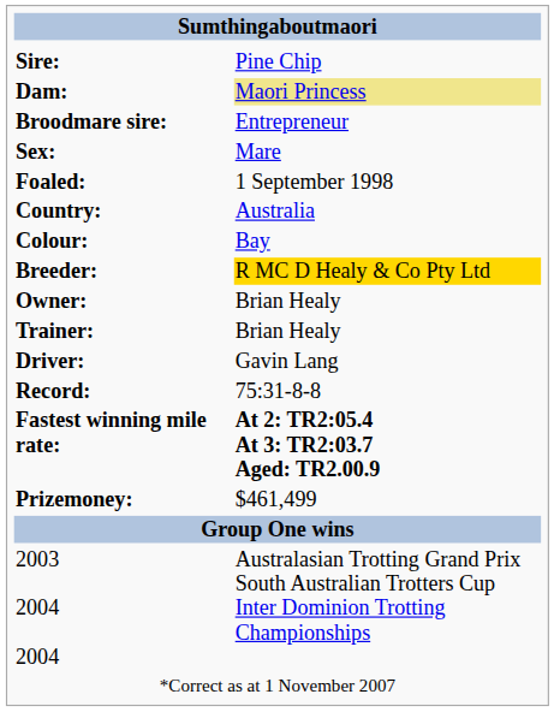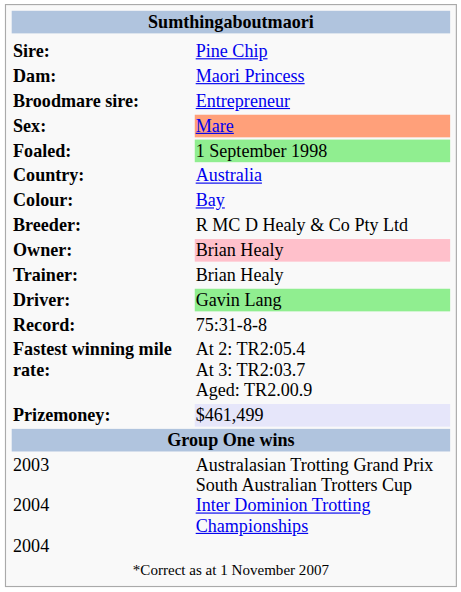 <table class="infobox" style="width:25em;">
 <tr style="text-align:center;">
 <th colspan="2" bgcolor="#b0c4de">Sumthingaboutmaori</th>
 </tr>
 <tr>
 <td colspan="2" style="text-align:center;"></td>
 </tr>
 <tr>
 <th align="left">Sire:</th>
 <td><a href='#'>Pine Chip</a></td>
 </tr>
 <tr>
 <th align="left">Dam:</th>
-<td style="background: khaki;"><a href='#'>Maori Princess</a></td>
+<td><a href='#'>Maori Princess</a></td>
 </tr>
 <tr>
 <th align="left">Broodmare sire:</th>
 <td><a href='#'>Entrepreneur</a></td>
 </tr>
 <tr>
 <th align="left">Sex:</th>
-<td><a href='#'>Mare</a></td>
+<td style="background: lightsalmon;"><a href='#'>Mare</a></td>
 </tr>
 <tr>
 <th align="left">Foaled:</th>
-<td>1 September 1998</td>
+<td style="background: lightgreen;">1 September 1998</td>
 </tr>
 <tr>
 <th align="left">Country:</th>
 <td><a href='#'>Australia</a></td>
 </tr>
 <tr>
 <th align="left">Colour:</th>
 <td><a href='#'>Bay</a></td>
 </tr>
 <tr>
 <th align="left">Breeder:</th>
-<td style="background: gold;">R MC D Healy & Co Pty Ltd</td>
+<td>R MC D Healy & Co Pty Ltd</td>
 </tr>
 <tr>
 <th align="left">Owner:</th>
-<td>Brian Healy</td>
+<td style="background: pink;">Brian Healy</td>
 </tr>
 <tr>
 <th align="left">Trainer:</th>
 <td>Brian Healy</td>
 </tr>
 <tr>
 <th align="left">Driver:</th>
-<td>Gavin Lang</td>
+<td style="background: lightgreen;">Gavin Lang</td>
 </tr>
 <tr>
 <th align="left">Record:</th>
 <td>75:31-8-8</td>
 </tr>
 <tr>
 <th align="left">Fastest winning mile rate:</th>
-<td><strong>At 2: TR2:05.4<br>At 3: TR2:03.7<br>Aged: TR2.00.9</strong></td>
+<td>At 2: TR2:05.4<br>At 3: TR2:03.7<br>Aged: TR2.00.9</td>
 </tr>
 <tr>
 <th align="left">Prizemoney:</th>
-<td>$461,499</td>
+<td style="background: lavender;">$461,499</td>
 </tr>
 <tr>
 <th colspan="2" bgcolor="#b0c4de">Group One wins</th>
 </tr>
 <tr style="vertical-align: top;">
 <td>2003<br><br>2004<br><br>2004</td>
 <td>Australasian Trotting Grand Prix<br>South Australian Trotters Cup<br><a href='#'>Inter Dominion Trotting Championships</a></td>
 </tr>
 <tr>
 <td colspan="3" style="text-align:center; font-size:smaller;">*Correct as at 1 November 2007</td>
 </tr>
 </table>
